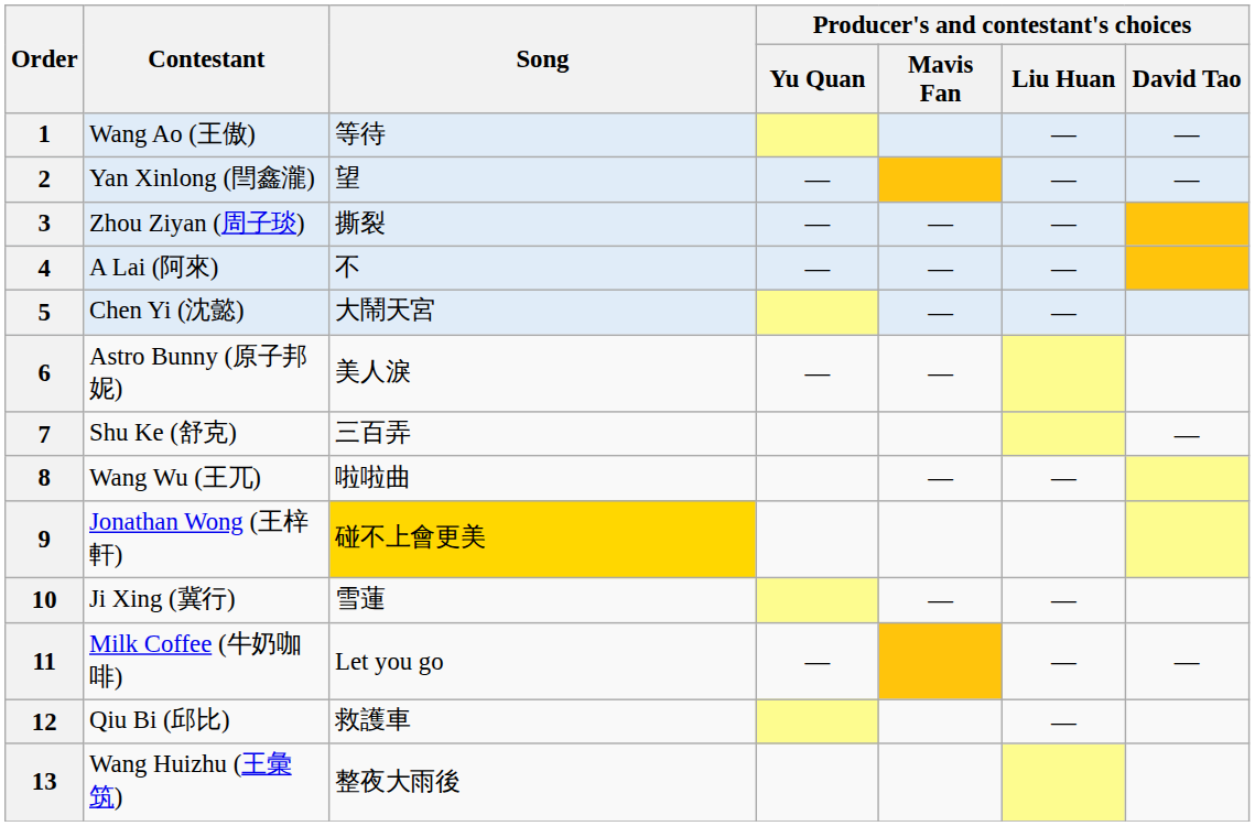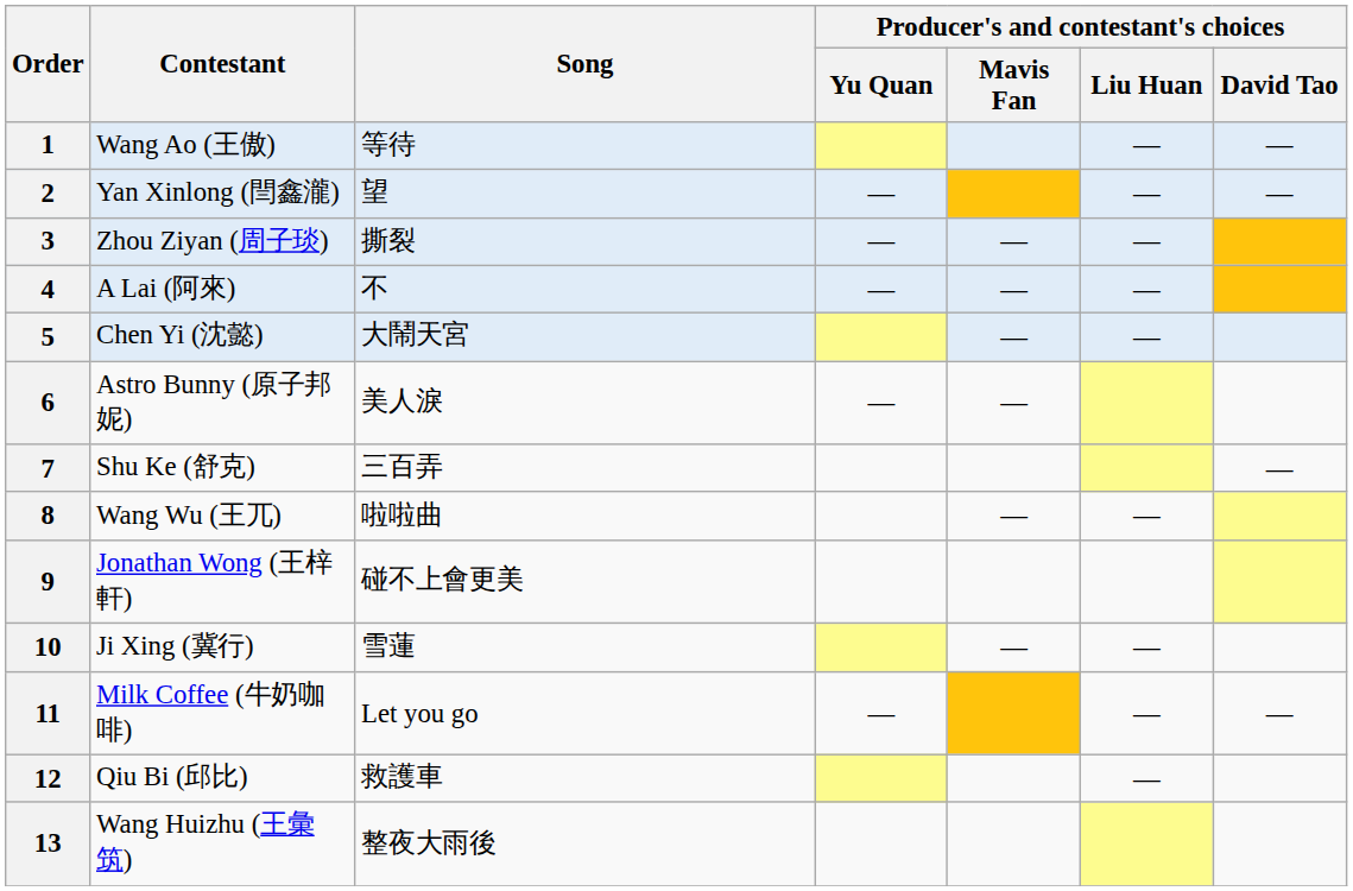 <table class="wikitable" style="width:90%;">
 <tr>
 <th rowspan="2" width="1%">Order</th>
 <th rowspan="2" width="20%">Contestant</th>
 <th rowspan="2" width="35%">Song</th>
 <th colspan="4" width="40%">Producer's and contestant's choices</th>
 </tr>
 <tr>
 <th width="10%"><strong>Yu Quan</strong></th>
 <th width="10%"><strong>Mavis Fan</strong></th>
 <th width="10%"><strong>Liu Huan</strong></th>
 <th width="10%"><strong>David Tao</strong></th>
 </tr>
 <tr style="background:#E0ECF8;">
 <th>1</th>
 <td>Wang Ao (王傲)<br></td>
 <td>等待<br></td>
 <td style="background:#FDFC8F;text-align:center;"></td>
 <td style="text-align:center;"></td>
 <td style="text-align:center;">—</td>
 <td style="text-align:center;">—</td>
 </tr>
 <tr style="background:#E0ECF8;">
 <th>2</th>
 <td>Yan Xinlong (閆鑫瀧)<br></td>
 <td>望<br></td>
 <td style="text-align:center;">—</td>
 <td style="background:#FFC40C;text-align:center;"></td>
 <td style="text-align:center;">—</td>
 <td style="text-align:center;">—</td>
 </tr>
 <tr style="background:#E0ECF8;">
 <th>3</th>
 <td>Zhou Ziyan (<a href='#'>周子琰</a>)<br></td>
 <td>撕裂<br></td>
 <td style="text-align:center;">—</td>
 <td style="text-align:center;">—</td>
 <td style="text-align:center;">—</td>
 <td style="background:#FFC40C;text-align:center;"></td>
 </tr>
 <tr style="background:#E0ECF8;">
 <th>4</th>
 <td>A Lai (阿來)<br></td>
 <td>不<br></td>
 <td style="text-align:center;">—</td>
 <td style="text-align:center;">—</td>
 <td style="text-align:center;">—</td>
 <td style="background:#FFC40C;text-align:center;"></td>
 </tr>
 <tr style="background:#E0ECF8;">
 <th>5</th>
 <td>Chen Yi (沈懿)<br></td>
 <td>大鬧天宮<br></td>
 <td style="background:#FDFC8F;text-align:center;"></td>
 <td style="text-align:center;">—</td>
 <td style="text-align:center;">—</td>
 <td style="text-align:center;"></td>
 </tr>
 <tr>
 <th>6</th>
 <td>Astro Bunny (原子邦妮)<br></td>
 <td>美人淚<br></td>
 <td style="text-align:center;">—</td>
 <td style="text-align:center;">—</td>
 <td style="background:#FDFC8F;text-align:center;"></td>
 <td style="text-align:center;"></td>
 </tr>
 <tr>
 <th>7</th>
 <td>Shu Ke (舒克)<br></td>
 <td>三百弄<br></td>
 <td style="text-align:center;"></td>
 <td style="text-align:center;"></td>
 <td style="background:#FDFC8F;text-align:center;"></td>
 <td style="text-align:center;">—</td>
 </tr>
 <tr>
 <th>8</th>
 <td>Wang Wu (王兀)<br></td>
 <td>啦啦曲<br></td>
 <td style="text-align:center;"></td>
 <td style="text-align:center;">—</td>
 <td style="text-align:center;">—</td>
 <td style="background:#FDFC8F;text-align:center;"></td>
 </tr>
 <tr>
 <th>9</th>
 <td><a href='#'>Jonathan Wong</a> (王梓軒)<br></td>
-<td style="background: gold;">碰不上會更美<br></td>
+<td>碰不上會更美<br></td>
 <td style="text-align:center;"></td>
 <td style="text-align:center;"></td>
 <td style="text-align:center;"></td>
 <td style="background:#FDFC8F;text-align:center;"></td>
 </tr>
 <tr>
 <th>10</th>
 <td>Ji Xing (冀行)<br></td>
 <td>雪蓮<br></td>
 <td style="background:#FDFC8F;text-align:center;"></td>
 <td style="text-align:center;">—</td>
 <td style="text-align:center;">—</td>
 <td style="text-align:center;"></td>
 </tr>
 <tr>
 <th>11</th>
 <td><a href='#'>Milk Coffee</a> (牛奶咖啡)<br></td>
 <td>Let you go</td>
 <td style="text-align:center;">—</td>
 <td style="background:#FFC40C;text-align:center;"></td>
 <td style="text-align:center;">—</td>
 <td style="text-align:center;">—</td>
 </tr>
 <tr>
 <th>12</th>
 <td>Qiu Bi (邱比)<br></td>
 <td>救護車<br></td>
 <td style="background:#FDFC8F;text-align:center;"></td>
 <td style="text-align:center;"></td>
 <td style="text-align:center;">—</td>
 <td style="text-align:center;"></td>
 </tr>
 <tr>
 <th>13</th>
 <td>Wang Huizhu (<a href='#'>王彙筑</a>)<br></td>
 <td>整夜大雨後<br></td>
 <td style="text-align:center;"></td>
 <td style="text-align:center;"></td>
 <td style="background:#FDFC8F;text-align:center;"></td>
 <td style="text-align:center;"></td>
 </tr>
 </table>
